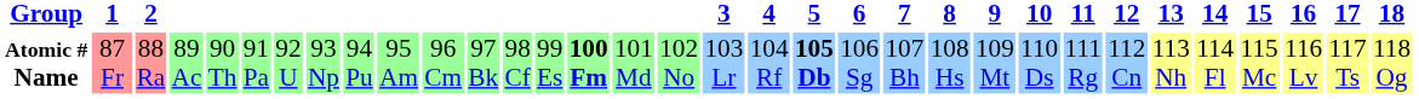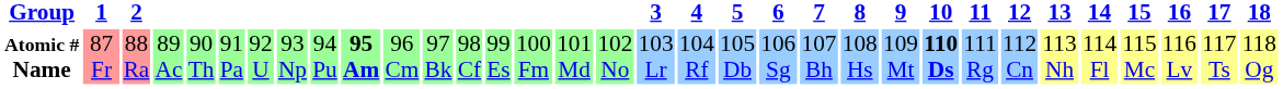 <table style="text-align:center;">
 <tr>
 <th><a href='#'>Group</a></th>
 <th><a href='#'>1</a></th>
 <th><a href='#'>2</a></th>
 <th colspan="14" align="center"> </th>
 <th><a href='#'>3</a></th>
 <th><a href='#'>4</a></th>
 <th><a href='#'>5</a></th>
 <th><a href='#'>6</a></th>
 <th><a href='#'>7</a></th>
 <th><a href='#'>8</a></th>
 <th><a href='#'>9</a></th>
 <th><a href='#'>10</a></th>
 <th><a href='#'>11</a></th>
 <th><a href='#'>12</a></th>
 <th><a href='#'>13</a></th>
 <th><a href='#'>14</a></th>
 <th><a href='#'>15</a></th>
 <th><a href='#'>16</a></th>
 <th><a href='#'>17</a></th>
 <th><a href='#'>18</a></th>
 </tr>
 <tr>
 <th><small>Atomic #</small><br>Name</th>
 <td bgcolor="#ff9999">87<br> <a href='#'>Fr</a> </td>
 <td bgcolor="#ff9999">88<br><a href='#'>Ra</a></td>
 <td bgcolor="#9bff99">89<br><a href='#'>Ac</a></td>
 <td bgcolor="#9bff99">90<br><a href='#'>Th</a></td>
 <td bgcolor="#9bff99">91<br><a href='#'>Pa</a></td>
 <td bgcolor="#9bff99">92<br><a href='#'>U</a></td>
 <td bgcolor="#9bff99">93<br><a href='#'>Np</a></td>
 <td bgcolor="#9bff99">94<br><a href='#'>Pu</a></td>
-<td bgcolor="#9bff99">95<br><a href='#'>Am</a></td>
+<td bgcolor="#9bff99"><strong>95<br><a href='#'>Am</a></strong></td>
 <td bgcolor="#9bff99">96<br><a href='#'>Cm</a></td>
 <td bgcolor="#9bff99">97<br><a href='#'>Bk</a></td>
 <td bgcolor="#9bff99">98<br><a href='#'>Cf</a></td>
 <td bgcolor="#9bff99">99<br><a href='#'>Es</a></td>
-<td bgcolor="#9bff99"><strong><span>100</span><br><a href='#'>Fm</a></strong></td>
+<td bgcolor="#9bff99"><span>100</span><br><a href='#'>Fm</a></td>
 <td bgcolor="#9bff99"><span>101</span><br><a href='#'>Md</a></td>
 <td bgcolor="#9bff99"><span>102</span><br><a href='#'>No</a></td>
 <td bgcolor="#99ccff"><span>103</span><br><a href='#'>Lr</a></td>
 <td bgcolor="#99ccff"><span>104</span><br><a href='#'>Rf</a></td>
-<td bgcolor="#99ccff"><strong><span>105</span><br><a href='#'>Db</a></strong></td>
+<td bgcolor="#99ccff"><span>105</span><br><a href='#'>Db</a></td>
 <td bgcolor="#99ccff"><span>106</span><br><a href='#'>Sg</a></td>
 <td bgcolor="#99ccff"><span>107</span><br><a href='#'>Bh</a></td>
 <td bgcolor="#99ccff"><span>108</span><br><a href='#'>Hs</a></td>
 <td bgcolor="#99ccff"><span>109</span><br><a href='#'>Mt</a></td>
-<td bgcolor="#99ccff"><span>110</span><br><a href='#'>Ds</a></td>
+<td bgcolor="#99ccff"><strong><span>110</span><br><a href='#'>Ds</a></strong></td>
 <td bgcolor="#99ccff"><span>111</span><br><a href='#'>Rg</a></td>
 <td bgcolor="#99ccff"><span>112</span><br><a href='#'>Cn</a></td>
 <td bgcolor="#fdff8c"><span>113</span><br><a href='#'>Nh</a></td>
 <td bgcolor="#fdff8c"><span>114</span><br><a href='#'>Fl</a></td>
 <td bgcolor="#fdff8c"><span>115</span><br><a href='#'>Mc</a></td>
 <td bgcolor="#fdff8c"><span>116</span><br><a href='#'>Lv</a></td>
 <td bgcolor="#fdff8c"><span>117</span><br><a href='#'>Ts</a></td>
 <td bgcolor="#fdff8c"><span>118</span><br><a href='#'>Og</a></td>
 </tr>
 </table>
